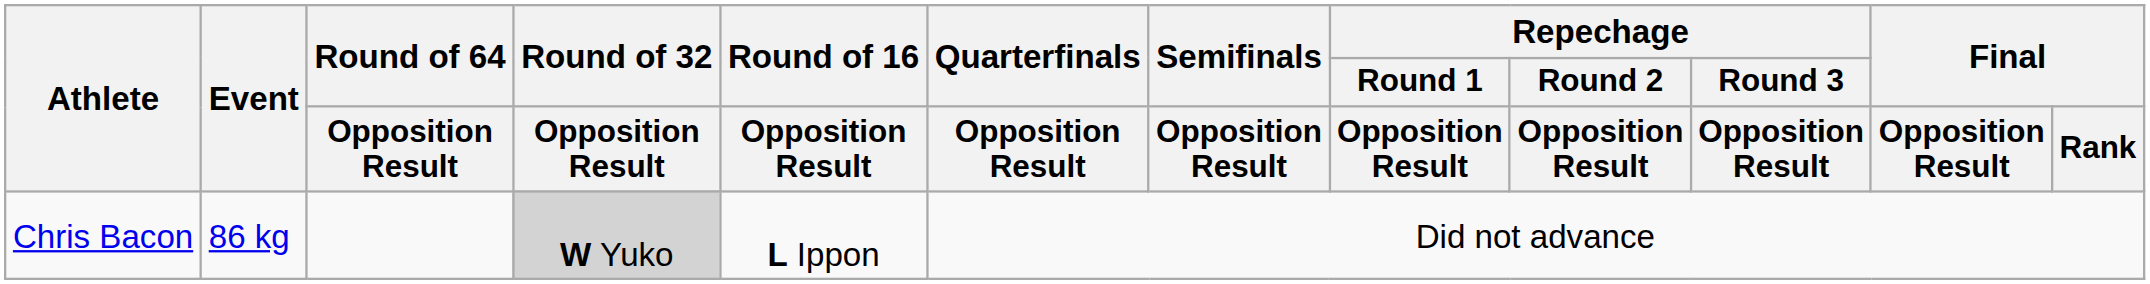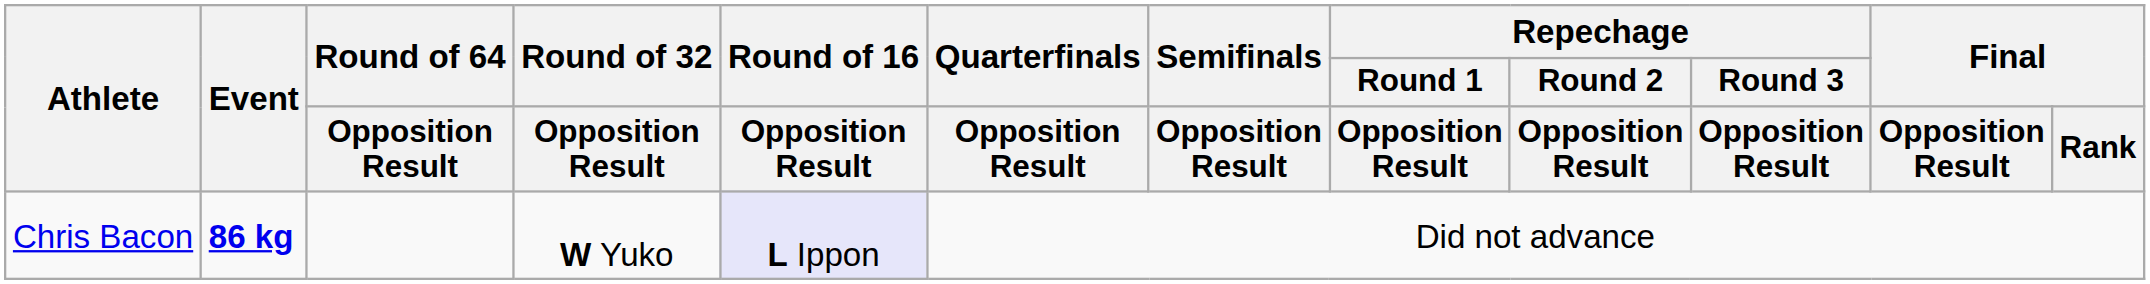 <table class="wikitable" style="font-size:90%">
 <tr>
 <th rowspan="3">Athlete</th>
 <th rowspan="3">Event</th>
 <th rowspan="2">Round of 64</th>
 <th rowspan="2">Round of 32</th>
 <th rowspan="2">Round of 16</th>
 <th rowspan="2">Quarterfinals</th>
 <th rowspan="2">Semifinals</th>
 <th colspan=3>Repechage</th>
 <th rowspan="2" colspan=2>Final</th>
 </tr>
 <tr style="font-size:95%">
 <th>Round 1</th>
 <th>Round 2</th>
 <th>Round 3</th>
 </tr>
 <tr style="font-size:95%">
 <th>Opposition<br>Result</th>
 <th>Opposition<br>Result</th>
 <th>Opposition<br>Result</th>
 <th>Opposition<br>Result</th>
 <th>Opposition<br>Result</th>
 <th>Opposition<br>Result</th>
 <th>Opposition<br>Result</th>
 <th>Opposition<br>Result</th>
 <th>Opposition<br>Result</th>
 <th>Rank</th>
 </tr>
 <tr align=center>
 <td align=left><a href='#'>Chris Bacon</a></td>
-<td align=left><a href='#'>86 kg</a></td>
+<td align=left><strong><a href='#'>86 kg</a></strong></td>
 <td></td>
-<td style="background: lightgrey;"><br><strong>W</strong> Yuko</td>
-<td><br><strong>L</strong> Ippon</td>
+<td><br><strong>W</strong> Yuko</td>
+<td style="background: lavender;"><br><strong>L</strong> Ippon</td>
 <td colspan=7>Did not advance</td>
 </tr>
 </table>
